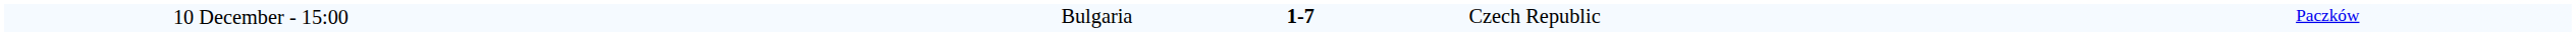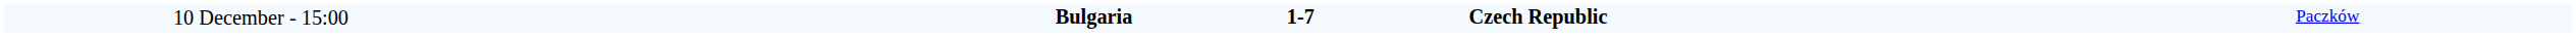 <table style="width: 100%; background:#F5FAFF;" cellspacing="0">
 <tr>
 <td align=center rowspan=3 width=20%>10 December - 15:00</td>
 </tr>
 <tr>
-<td width=24% align=right>Bulgaria</td>
+<td width=24% align=right><strong>Bulgaria</strong></td>
 <td align=center width=13%><strong>1-7</strong></td>
-<td width=24%>Czech Republic</td>
+<td width=24%><strong>Czech Republic</strong></td>
 <td style=font-size:85% rowspan=3 valign=top align=center><a href='#'>Paczków</a></td>
 </tr>
 <tr style=font-size:85%>
 <td align=right valign=top></td>
 <td></td>
 <td></td>
 </tr>
 </table>
